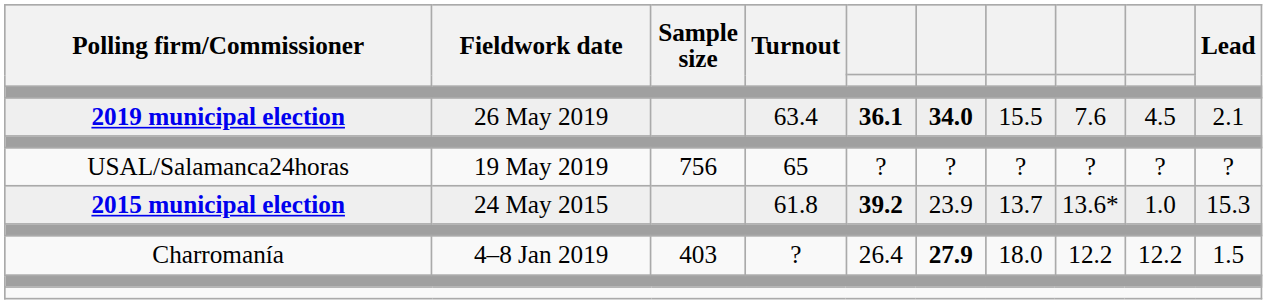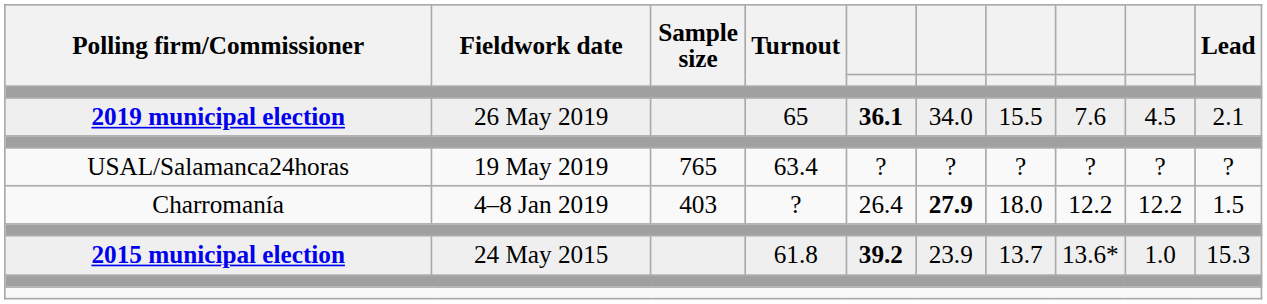 <table class="wikitable collapsible collapsed" style="text-align:center; font-size:95%; line-height:16px;">
 <tr style="height:42px;">
 <th style="width:250px;" rowspan="2">Polling firm/Commissioner</th>
 <th style="width:125px;" rowspan="2">Fieldwork date</th>
 <th style="width:50px;" rowspan="2">Sample size</th>
 <th style="width:45px;" rowspan="2">Turnout</th>
 <th style="width:35px;"></th>
 <th style="width:35px;"></th>
 <th style="width:35px;"></th>
 <th style="width:35px;"></th>
 <th style="width:35px;"></th>
 <th style="width:30px;" rowspan="2">Lead</th>
 </tr>
 <tr>
 <th style="color:inherit;background:"></th>
 <th style="color:inherit;background:"></th>
 <th style="color:inherit;background:"></th>
 <th style="color:inherit;background:"></th>
 <th style="color:inherit;background:"></th>
 </tr>
 <tr>
 <td colspan="10" style="background:#A0A0A0"></td>
 </tr>
 <tr style="background:#EFEFEF;">
 <td><strong><a href='#'>2019 municipal election</a></strong></td>
 <td>26 May 2019</td>
 <td></td>
-<td>63.4</td>
+<td>65</td>
 <td><strong>36.1</strong><br></td>
-<td><strong>34.0<br></strong></td>
+<td>34.0<br></td>
 <td>15.5<br></td>
 <td>7.6<br></td>
 <td>4.5<br></td>
 <td style="background:">2.1</td>
 </tr>
 <tr>
 <td colspan="10" style="background:#A0A0A0"></td>
 </tr>
 <tr>
 <td>USAL/Salamanca24horas</td>
 <td>19 May 2019</td>
-<td>756</td>
-<td>65</td>
+<td>765</td>
+<td>63.4</td>
 <td>?<br></td>
 <td>?<br></td>
 <td>?<br></td>
 <td>?<br></td>
 <td>?<br></td>
 <td style="background:">?</td>
+</tr>
+<tr>
+<td>Charromanía</td>
+<td>4–8 Jan 2019</td>
+<td>403</td>
+<td>?</td>
+<td>26.4<br></td>
+<td><strong>27.9</strong><br></td>
+<td>18.0<br></td>
+<td>12.2<br></td>
+<td>12.2<br></td>
+<td style="background:">1.5</td>
+</tr>
+<tr>
+<td colspan="10" style="background:#A0A0A0"></td>
 </tr>
 <tr style="background:#EFEFEF;">
 <td><strong><a href='#'>2015 municipal election</a></strong></td>
 <td>24 May 2015</td>
 <td></td>
 <td>61.8</td>
 <td><strong>39.2</strong><br></td>
 <td>23.9<br></td>
 <td>13.7<br></td>
 <td>13.6*<br></td>
 <td>1.0<br></td>
 <td style="background:">15.3</td>
 </tr>
 <tr>
 <td colspan="10" style="background:#A0A0A0"></td>
 </tr>
 <tr>
-<td>Charromanía</td>
-<td>4–8 Jan 2019</td>
-<td>403</td>
-<td>?</td>
-<td>26.4<br></td>
-<td><strong>27.9</strong><br></td>
-<td>18.0<br></td>
-<td>12.2<br></td>
-<td>12.2<br></td>
-<td style="background:">1.5</td>
-</tr>
-<tr>
-<td colspan="10" style="background:#A0A0A0"></td>
-</tr>
-<tr>
 <td align="left" colspan="10"></td>
 </tr>
 </table>
